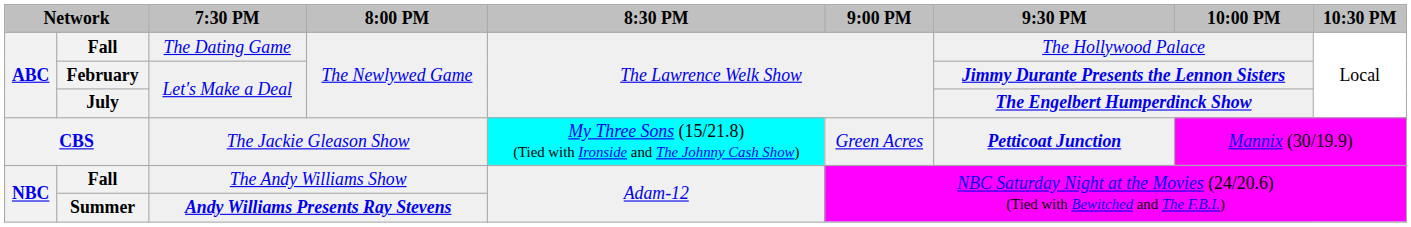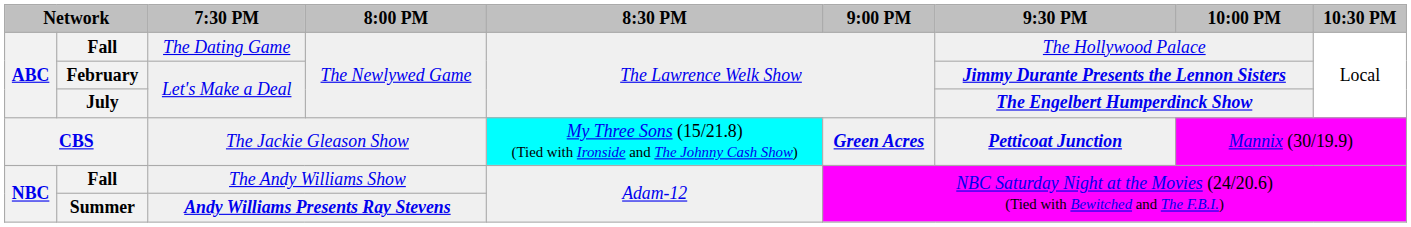 <table class="wikitable" style="width:100%;margin-right:0;text-align:center">
 <tr>
 <th colspan="2" style="background-color:#C0C0C0;text-align:center">Network</th>
 <th style="background-color:#C0C0C0;text-align:center">7:30 PM</th>
 <th style="background-color:#C0C0C0;text-align:center">8:00 PM</th>
 <th style="background-color:#C0C0C0;text-align:center">8:30 PM</th>
 <th style="background-color:#C0C0C0;text-align:center">9:00 PM</th>
 <th style="background-color:#C0C0C0;text-align:center">9:30 PM</th>
 <th style="background-color:#C0C0C0;text-align:center">10:00 PM</th>
 <th style="background-color:#C0C0C0;text-align:center">10:30 PM</th>
 </tr>
 <tr>
 <th rowspan="3"><a href='#'>ABC</a></th>
 <th>Fall</th>
 <td bgcolor="#F0F0F0"><em><a href='#'>The Dating Game</a></em></td>
 <td bgcolor="#F0F0F0" rowspan="3"><em><a href='#'>The Newlywed Game</a></em></td>
 <td bgcolor="#F0F0F0" colspan="2" rowspan="3"><em><a href='#'>The Lawrence Welk Show</a></em></td>
 <td bgcolor="#F0F0F0" colspan="2"><em><a href='#'>The Hollywood Palace</a></em></td>
 <td bgcolor="white" rowspan="3">Local</td>
 </tr>
 <tr>
 <th>February</th>
 <td bgcolor="#F0F0F0" rowspan="2"><em><a href='#'>Let's Make a Deal</a></em></td>
 <td bgcolor="#F0F0F0" colspan="2"><strong><em><a href='#'>Jimmy Durante Presents the Lennon Sisters</a></em></strong></td>
 </tr>
 <tr>
 <th>July</th>
 <td bgcolor="#F0F0F0" colspan="2"><strong><em><a href='#'>The Engelbert Humperdinck Show</a></em></strong></td>
 </tr>
 <tr>
 <th colspan="2"><a href='#'>CBS</a></th>
 <td bgcolor="#F0F0F0" colspan="2"><em><a href='#'>The Jackie Gleason Show</a></em></td>
 <td bgcolor="#00FFFF"><em><a href='#'>My Three Sons</a></em> (15/21.8)<br><small>(Tied with <em><a href='#'>Ironside</a></em> and <em><a href='#'>The Johnny Cash Show</a></em>)</small></td>
-<td bgcolor="#F0F0F0"><em><a href='#'>Green Acres</a></em></td>
+<td bgcolor="#F0F0F0"><strong><em><a href='#'>Green Acres</a></em></strong></td>
 <td bgcolor="#F0F0F0"><strong><em><a href='#'>Petticoat Junction</a></em></strong></td>
 <td bgcolor="#FF00FF" colspan="2"><em><a href='#'>Mannix</a></em> (30/19.9)</td>
 </tr>
 <tr>
 <th rowspan="2"><a href='#'>NBC</a></th>
 <th>Fall</th>
 <td bgcolor="#F0F0F0" colspan="2"><em><a href='#'>The Andy Williams Show</a></em></td>
 <td bgcolor="#F0F0F0" rowspan="2"><em><a href='#'>Adam-12</a></em></td>
 <td bgcolor="#FF00FF" colspan="4" rowspan="2"><em><a href='#'>NBC Saturday Night at the Movies</a></em> (24/20.6)<br><small>(Tied with <em><a href='#'>Bewitched</a></em> and <em><a href='#'>The F.B.I.</a></em>)</small></td>
 </tr>
 <tr>
 <th>Summer</th>
 <td bgcolor="#F0F0F0" colspan="2"><strong><em><a href='#'>Andy Williams Presents Ray Stevens</a></em></strong></td>
 </tr>
 </table>
